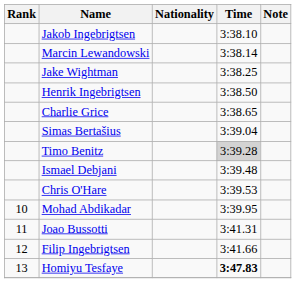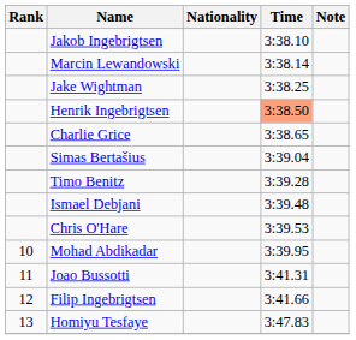 <table class="wikitable sortable" style="text-align:center">
 <tr>
 <th>Rank</th>
 <th>Name</th>
 <th>Nationality</th>
 <th>Time</th>
 <th>Note</th>
 </tr>
 <tr>
 <td></td>
 <td align=left><a href='#'>Jakob Ingebrigtsen</a></td>
 <td align=left></td>
 <td>3:38.10</td>
 <td></td>
 </tr>
 <tr>
 <td></td>
 <td align=left><a href='#'>Marcin Lewandowski</a></td>
 <td align=left></td>
 <td>3:38.14</td>
 <td></td>
 </tr>
 <tr>
 <td></td>
 <td align=left><a href='#'>Jake Wightman</a></td>
 <td align=left></td>
 <td>3:38.25</td>
 <td></td>
 </tr>
 <tr>
 <td></td>
 <td align=left><a href='#'>Henrik Ingebrigtsen</a></td>
 <td align=left></td>
-<td>3:38.50</td>
+<td style="background: lightsalmon;">3:38.50</td>
 <td></td>
 </tr>
 <tr>
 <td></td>
 <td align=left><a href='#'>Charlie Grice</a></td>
 <td align=left></td>
 <td>3:38.65</td>
 <td></td>
 </tr>
 <tr>
 <td></td>
 <td align=left><a href='#'>Simas Bertašius</a></td>
 <td align=left></td>
 <td>3:39.04</td>
 <td></td>
 </tr>
 <tr>
 <td></td>
 <td align=left><a href='#'>Timo Benitz</a></td>
 <td align=left></td>
-<td style="background: lightgrey;">3:39.28</td>
+<td>3:39.28</td>
 <td></td>
 </tr>
 <tr>
 <td></td>
 <td align=left><a href='#'>Ismael Debjani</a></td>
 <td align=left></td>
 <td>3:39.48</td>
 <td></td>
 </tr>
 <tr>
 <td></td>
 <td align=left><a href='#'>Chris O'Hare</a></td>
 <td align=left></td>
 <td>3:39.53</td>
 <td></td>
 </tr>
 <tr>
 <td>10</td>
 <td align=left><a href='#'>Mohad Abdikadar</a></td>
 <td align=left></td>
 <td>3:39.95</td>
 <td></td>
 </tr>
 <tr>
 <td>11</td>
 <td align=left><a href='#'>Joao Bussotti</a></td>
 <td align=left></td>
 <td>3:41.31</td>
 <td></td>
 </tr>
 <tr>
 <td>12</td>
 <td align=left><a href='#'>Filip Ingebrigtsen</a></td>
 <td align=left></td>
 <td>3:41.66</td>
 <td></td>
 </tr>
 <tr>
 <td>13</td>
 <td align=left><a href='#'>Homiyu Tesfaye</a></td>
 <td align=left></td>
-<td><strong>3:47.83</strong></td>
+<td>3:47.83</td>
 <td></td>
 </tr>
 <tr>
 </tr>
 </table>
